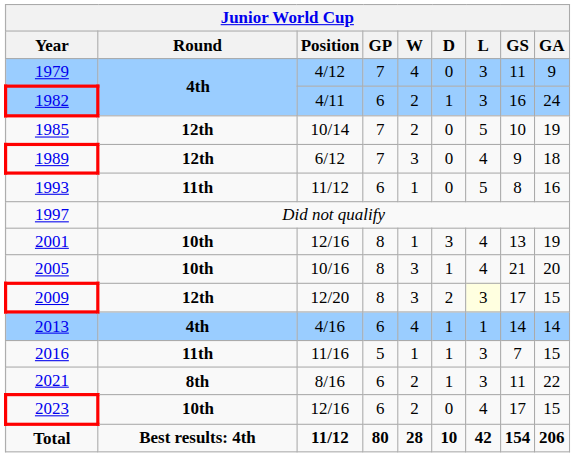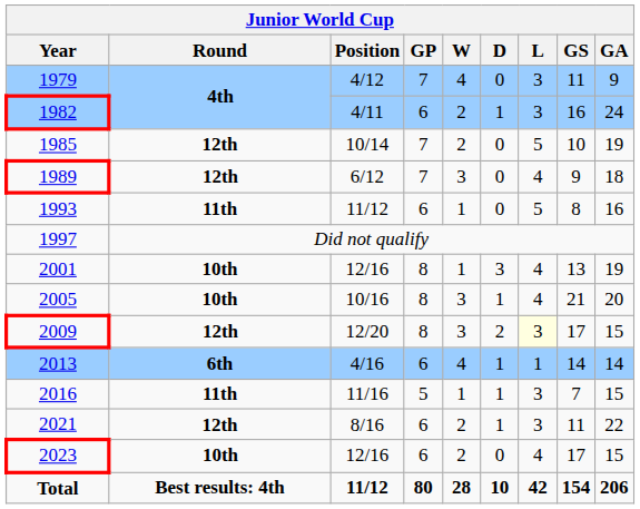 <table class="wikitable" style="text-align: center">
 <tr>
 <th colspan=9><a href='#'>Junior World Cup</a></th>
 </tr>
 <tr>
 <th width=80>Year</th>
 <th width=180>Round</th>
 <th>Position</th>
 <th width=25>GP</th>
 <th width=25>W</th>
 <th width=25>D</th>
 <th width=25>L</th>
 <th width=25>GS</th>
 <th width=25>GA</th>
 </tr>
 <tr style="background:#9acdff;">
 <td> <a href='#'>1979</a></td>
 <td rowspan=2><strong>4th</strong></td>
 <td>4/12</td>
 <td>7</td>
 <td>4</td>
 <td>0</td>
 <td>3</td>
 <td>11</td>
 <td>9</td>
 </tr>
 <tr style="background:#9acdff;">
 <td style="border: 3px solid red"> <a href='#'>1982</a></td>
 <td>4/11</td>
 <td>6</td>
 <td>2</td>
 <td>1</td>
 <td>3</td>
 <td>16</td>
 <td>24</td>
 </tr>
 <tr>
 <td> <a href='#'>1985</a></td>
 <td><strong>12th</strong></td>
 <td>10/14</td>
 <td>7</td>
 <td>2</td>
 <td>0</td>
 <td>5</td>
 <td>10</td>
 <td>19</td>
 </tr>
 <tr>
 <td style="border: 3px solid red"> <a href='#'>1989</a></td>
 <td><strong>12th</strong></td>
 <td>6/12</td>
 <td>7</td>
 <td>3</td>
 <td>0</td>
 <td>4</td>
 <td>9</td>
 <td>18</td>
 </tr>
 <tr>
 <td> <a href='#'>1993</a></td>
 <td><strong>11th</strong></td>
 <td>11/12</td>
 <td>6</td>
 <td>1</td>
 <td>0</td>
 <td>5</td>
 <td>8</td>
 <td>16</td>
 </tr>
 <tr>
 <td> <a href='#'>1997</a></td>
 <td colspan=8><em>Did not qualify</em></td>
 </tr>
 <tr>
 <td> <a href='#'>2001</a></td>
 <td><strong>10th</strong></td>
 <td>12/16</td>
 <td>8</td>
 <td>1</td>
 <td>3</td>
 <td>4</td>
 <td>13</td>
 <td>19</td>
 </tr>
 <tr>
 <td> <a href='#'>2005</a></td>
 <td><strong>10th</strong></td>
 <td>10/16</td>
 <td>8</td>
 <td>3</td>
 <td>1</td>
 <td>4</td>
 <td>21</td>
 <td>20</td>
 </tr>
 <tr>
 <td style="border: 3px solid red"> <a href='#'>2009</a></td>
 <td><strong>12th</strong></td>
 <td>12/20</td>
 <td>8</td>
 <td>3</td>
 <td>2</td>
 <td style="background: lightyellow;">3</td>
 <td>17</td>
 <td>15</td>
 </tr>
 <tr style="background:#9acdff;">
 <td> <a href='#'>2013</a></td>
-<td><strong>4th</strong></td>
+<td><strong>6th</strong></td>
 <td>4/16</td>
 <td>6</td>
 <td>4</td>
 <td>1</td>
 <td>1</td>
 <td>14</td>
 <td>14</td>
 </tr>
 <tr>
 <td> <a href='#'>2016</a></td>
 <td><strong>11th</strong></td>
 <td>11/16</td>
 <td>5</td>
 <td>1</td>
 <td>1</td>
 <td>3</td>
 <td>7</td>
 <td>15</td>
 </tr>
 <tr>
 <td> <a href='#'>2021</a></td>
-<td><strong>8th</strong></td>
+<td><strong>12th</strong></td>
 <td>8/16</td>
 <td>6</td>
 <td>2</td>
 <td>1</td>
 <td>3</td>
 <td>11</td>
 <td>22</td>
 </tr>
 <tr>
 <td style="border: 3px solid red"> <a href='#'>2023</a></td>
 <td><strong>10th</strong></td>
 <td>12/16</td>
 <td>6</td>
 <td>2</td>
 <td>0</td>
 <td>4</td>
 <td>17</td>
 <td>15</td>
 </tr>
 <tr>
 <td><strong>Total</strong></td>
 <td><strong>Best results: 4th</strong></td>
 <td><strong>11/12</strong></td>
 <td><strong>80</strong></td>
 <td><strong>28</strong></td>
 <td><strong>10</strong></td>
 <td><strong>42</strong></td>
 <td><strong>154</strong></td>
 <td><strong>206</strong></td>
 </tr>
 </table>
